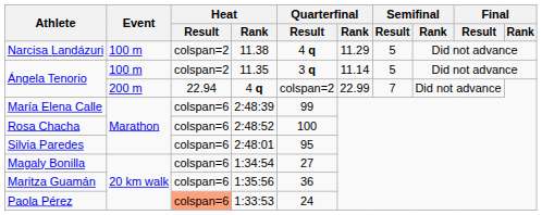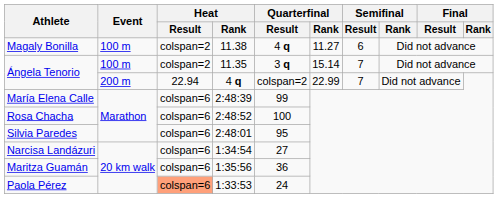 <table class="wikitable" style="font-size:90%">
 <tr>
 <th rowspan="2">Athlete</th>
 <th rowspan="2">Event</th>
 <th colspan="2">Heat</th>
 <th colspan="2">Quarterfinal</th>
 <th colspan="2">Semifinal</th>
 <th colspan="2">Final</th>
 </tr>
 <tr style="font-size:95%">
 <th>Result</th>
 <th>Rank</th>
 <th>Result</th>
 <th>Rank</th>
 <th>Result</th>
 <th>Rank</th>
 <th>Result</th>
 <th>Rank</th>
 </tr>
 <tr align=center>
-<td align=left><a href='#'>Narcisa Landázuri</a></td>
+<td align=left><a href='#'>Magaly Bonilla</a></td>
 <td align=left><a href='#'>100 m</a></td>
 <td>colspan=2 </td>
 <td>11.38</td>
 <td>4 <strong>q</strong></td>
-<td>11.29</td>
-<td>5</td>
+<td>11.27</td>
+<td>6</td>
 <td colspan=4>Did not advance</td>
 </tr>
 <tr align=center>
 <td align=left rowspan=2><a href='#'>Ángela Tenorio</a></td>
 <td align=left><a href='#'>100 m</a></td>
 <td>colspan=2 </td>
 <td>11.35</td>
 <td>3 <strong>q</strong></td>
-<td>11.14</td>
-<td>5</td>
+<td>15.14</td>
+<td>7</td>
 <td colspan=4>Did not advance</td>
 </tr>
 <tr align=center>
 <td align=left><a href='#'>200 m</a></td>
 <td>22.94</td>
 <td>4 <strong>q</strong></td>
 <td>colspan=2 </td>
 <td>22.99</td>
 <td>7</td>
 <td colspan=2>Did not advance</td>
 </tr>
 <tr align=center>
 <td align=left><a href='#'>María Elena Calle</a></td>
 <td align=left rowspan=3><a href='#'>Marathon</a></td>
 <td>colspan=6 </td>
 <td>2:48:39</td>
 <td>99</td>
 </tr>
 <tr align=center>
 <td align=left><a href='#'>Rosa Chacha</a></td>
 <td>colspan=6 </td>
 <td>2:48:52</td>
 <td>100</td>
 </tr>
 <tr align=center>
 <td align=left><a href='#'>Silvia Paredes</a></td>
 <td>colspan=6 </td>
 <td>2:48:01</td>
 <td>95</td>
 </tr>
 <tr align=center>
-<td align=left><a href='#'>Magaly Bonilla</a></td>
+<td align=left><a href='#'>Narcisa Landázuri</a></td>
 <td align=left rowspan=3><a href='#'>20 km walk</a></td>
 <td>colspan=6 </td>
 <td>1:34:54</td>
 <td>27</td>
 </tr>
 <tr align=center>
 <td align=left><a href='#'>Maritza Guamán</a></td>
 <td>colspan=6 </td>
 <td>1:35:56</td>
 <td>36</td>
 </tr>
 <tr align=center>
 <td align=left><a href='#'>Paola Pérez</a></td>
 <td style="background: lightsalmon;">colspan=6 </td>
 <td>1:33:53</td>
 <td>24</td>
 </tr>
 </table>
